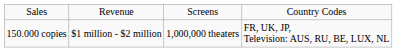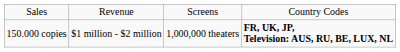 <table class="wikitable">
 <tr>
 <td align="center">Sales</td>
 <td align="center">Revenue</td>
 <td align="center">Screens</td>
 <td align="center">Country Codes</td>
 </tr>
 <tr>
 <td>150.000 copies</td>
 <td>$1 million - $2 million</td>
 <td>1,000,000 theaters</td>
-<td>FR, UK, JP, <br> Television: AUS, RU, BE, LUX, NL</td>
+<td><strong>FR, UK, JP, <br> Television: AUS, RU, BE, LUX, NL</strong></td>
 </tr>
 </table>
